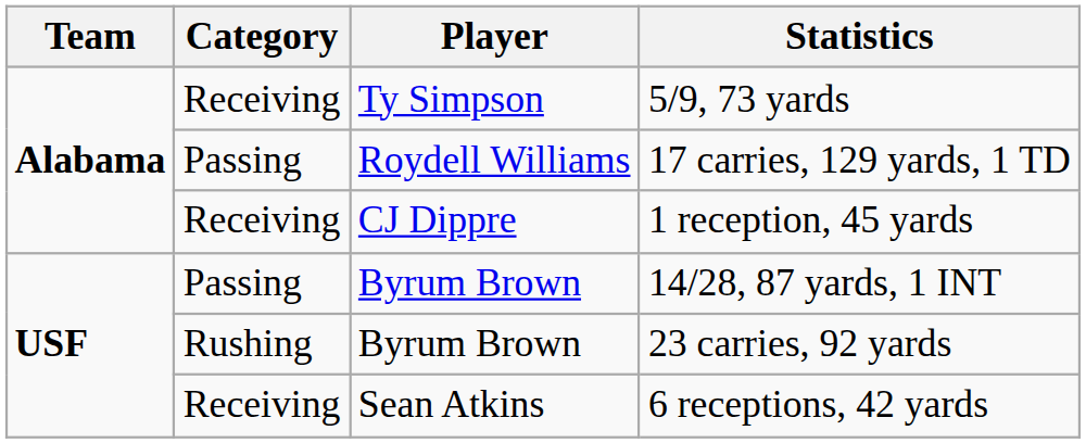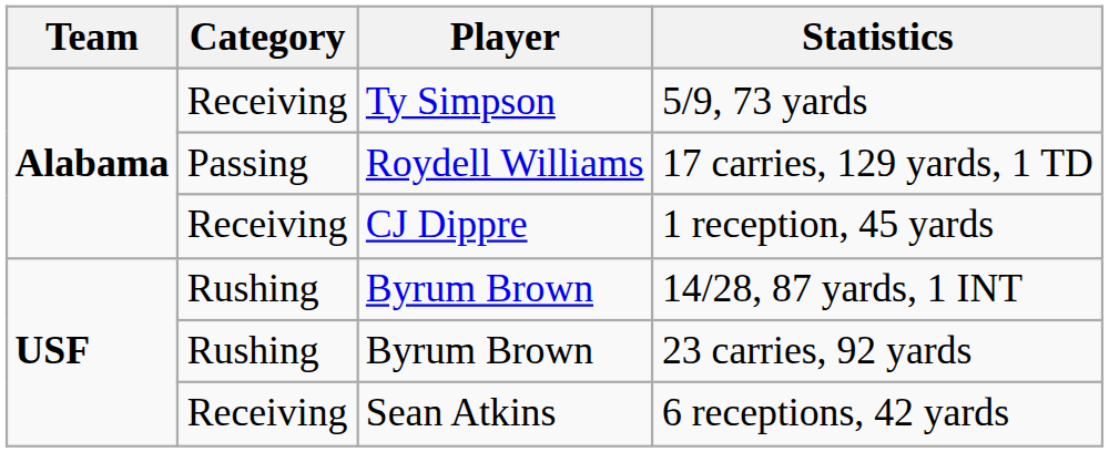 <table class="wikitable" style="float: right;">
 <tr>
 <th>Team</th>
 <th>Category</th>
 <th>Player</th>
 <th>Statistics</th>
 </tr>
 <tr>
 <td rowspan=3><strong>Alabama</strong></td>
 <td>Receiving</td>
 <td><a href='#'>Ty Simpson</a></td>
 <td>5/9, 73 yards</td>
 </tr>
 <tr>
 <td>Passing</td>
 <td><a href='#'>Roydell Williams</a></td>
 <td>17 carries, 129 yards, 1 TD</td>
 </tr>
 <tr>
 <td>Receiving</td>
 <td><a href='#'>CJ Dippre</a></td>
 <td>1 reception, 45 yards</td>
 </tr>
 <tr>
 <td rowspan=3><strong>USF</strong></td>
-<td>Passing</td>
+<td>Rushing</td>
 <td><a href='#'>Byrum Brown</a></td>
 <td>14/28, 87 yards, 1 INT</td>
 </tr>
 <tr>
 <td>Rushing</td>
 <td>Byrum Brown</td>
 <td>23 carries, 92 yards</td>
 </tr>
 <tr>
 <td>Receiving</td>
 <td>Sean Atkins</td>
 <td>6 receptions, 42 yards</td>
 </tr>
 </table>
